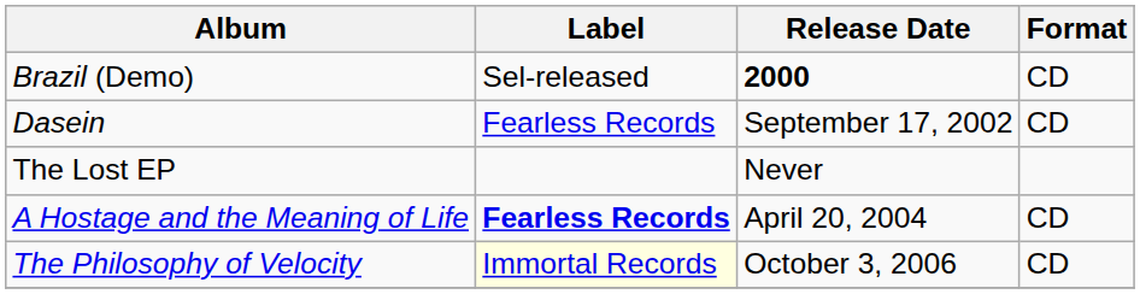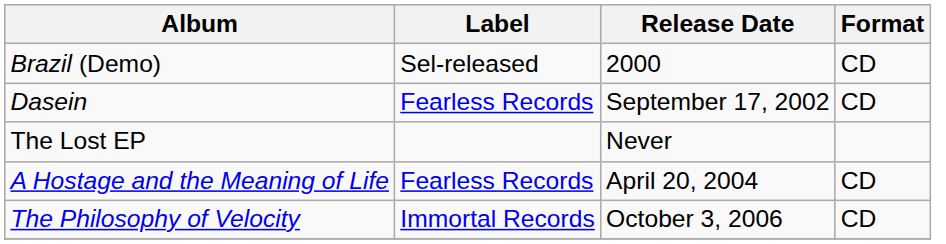 <table class="wikitable">
 <tr>
 <th>Album</th>
 <th>Label</th>
 <th>Release Date</th>
 <th>Format</th>
 </tr>
 <tr>
 <td><em>Brazil</em> (Demo)</td>
 <td>Sel-released</td>
-<td><strong>2000</strong></td>
+<td>2000</td>
 <td>CD</td>
 </tr>
 <tr>
 <td><em>Dasein</em></td>
 <td><a href='#'>Fearless Records</a></td>
 <td>September 17, 2002</td>
 <td>CD</td>
 </tr>
 <tr>
 <td>The Lost EP</td>
 <td></td>
 <td>Never</td>
 <td></td>
 </tr>
 <tr>
 <td><em><a href='#'>A Hostage and the Meaning of Life</a></em></td>
-<td><strong><a href='#'>Fearless Records</a></strong></td>
+<td><a href='#'>Fearless Records</a></td>
 <td>April 20, 2004</td>
 <td>CD</td>
 </tr>
 <tr>
 <td><em><a href='#'>The Philosophy of Velocity</a></em></td>
-<td style="background: lightyellow;"><a href='#'>Immortal Records</a></td>
+<td><a href='#'>Immortal Records</a></td>
 <td>October 3, 2006</td>
 <td>CD</td>
 </tr>
 <tr>
 </tr>
 </table>
